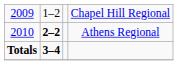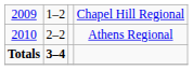 <table class="wikitable">
 <tr align="center">
 <td><a href='#'>2009</a></td>
 <td>1–2</td>
 <td></td>
 <td><a href='#'>Chapel Hill Regional</a></td>
 </tr>
 <tr align="center">
 <td><a href='#'>2010</a></td>
-<td><strong>2–2</strong></td>
+<td>2–2</td>
 <td></td>
 <td><a href='#'>Athens Regional</a></td>
 </tr>
 <tr align="center">
 <td><strong>Totals</strong></td>
 <td><strong>3–4</strong></td>
 <td><strong></strong></td>
 <td></td>
 </tr>
 <tr style="text-align:center;">
 </tr>
 </table>
